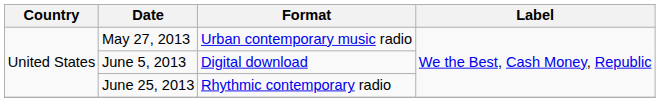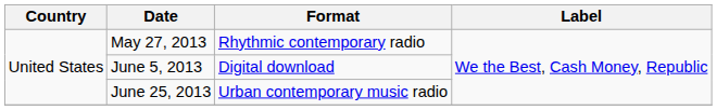 <table class="wikitable">
 <tr>
 <th>Country</th>
 <th>Date</th>
 <th>Format</th>
 <th>Label</th>
 </tr>
 <tr>
 <td rowspan="3">United States</td>
 <td>May 27, 2013</td>
-<td><a href='#'>Urban contemporary music</a> radio</td>
+<td><a href='#'>Rhythmic contemporary</a> radio</td>
 <td rowspan="3"><a href='#'>We the Best</a>, <a href='#'>Cash Money</a>, <a href='#'>Republic</a></td>
 </tr>
 <tr>
 <td>June 5, 2013</td>
 <td><a href='#'>Digital download</a></td>
 </tr>
 <tr>
 <td>June 25, 2013</td>
-<td><a href='#'>Rhythmic contemporary</a> radio</td>
+<td><a href='#'>Urban contemporary music</a> radio</td>
 </tr>
 <tr>
 </tr>
 </table>
